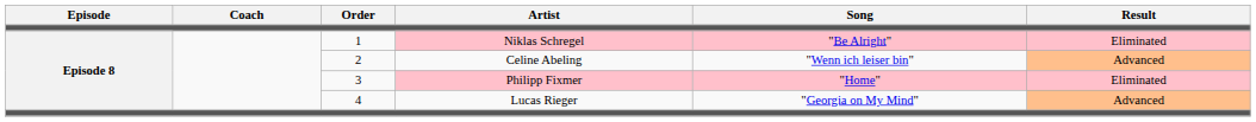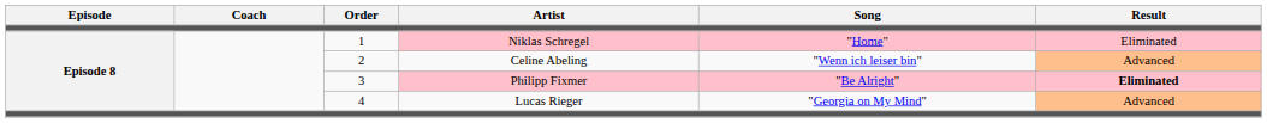 <table class="wikitable" style="text-align: center; width:100%;">
 <tr>
 <th scope="col" style="width:09%;">Episode</th>
 <th style="width:08%;">Coach</th>
 <th style="width:04%;">Order</th>
 <th style="width:16%;">Artist</th>
 <th style="width:18%;">Song</th>
 <th style="width:12%;">Result</th>
 </tr>
 <tr>
 <td colspan="6" style="background:#555;"></td>
 </tr>
 <tr>
 <th rowspan="4">Episode 8<br><small></small></th>
 <td rowspan="4" scope="row"></td>
 <td>1</td>
 <td style="background:pink;">Niklas Schregel</td>
-<td style="background:pink;">"<a href='#'>Be Alright</a>"</td>
+<td style="background:pink;">"<a href='#'>Home</a>"</td>
 <td style="background:pink;">Eliminated</td>
 </tr>
 <tr>
 <td>2</td>
 <td>Celine Abeling</td>
 <td>"<a href='#'>Wenn ich leiser bin</a>"</td>
 <td style="background:#ffbf8c;">Advanced</td>
 </tr>
 <tr>
 <td>3</td>
 <td style="background:pink;">Philipp Fixmer</td>
-<td style="background:pink;">"<a href='#'>Home</a>"</td>
-<td style="background:pink;">Eliminated</td>
+<td style="background:pink;">"<a href='#'>Be Alright</a>"</td>
+<td style="background:pink;"><strong>Eliminated</strong></td>
 </tr>
 <tr>
 <td>4</td>
 <td>Lucas Rieger</td>
 <td>"<a href='#'>Georgia on My Mind</a>"</td>
 <td style="background:#ffbf8c;">Advanced</td>
 </tr>
 <tr>
 <td colspan="6" style="background:#555;"></td>
 </tr>
 <tr>
 </tr>
 </table>
